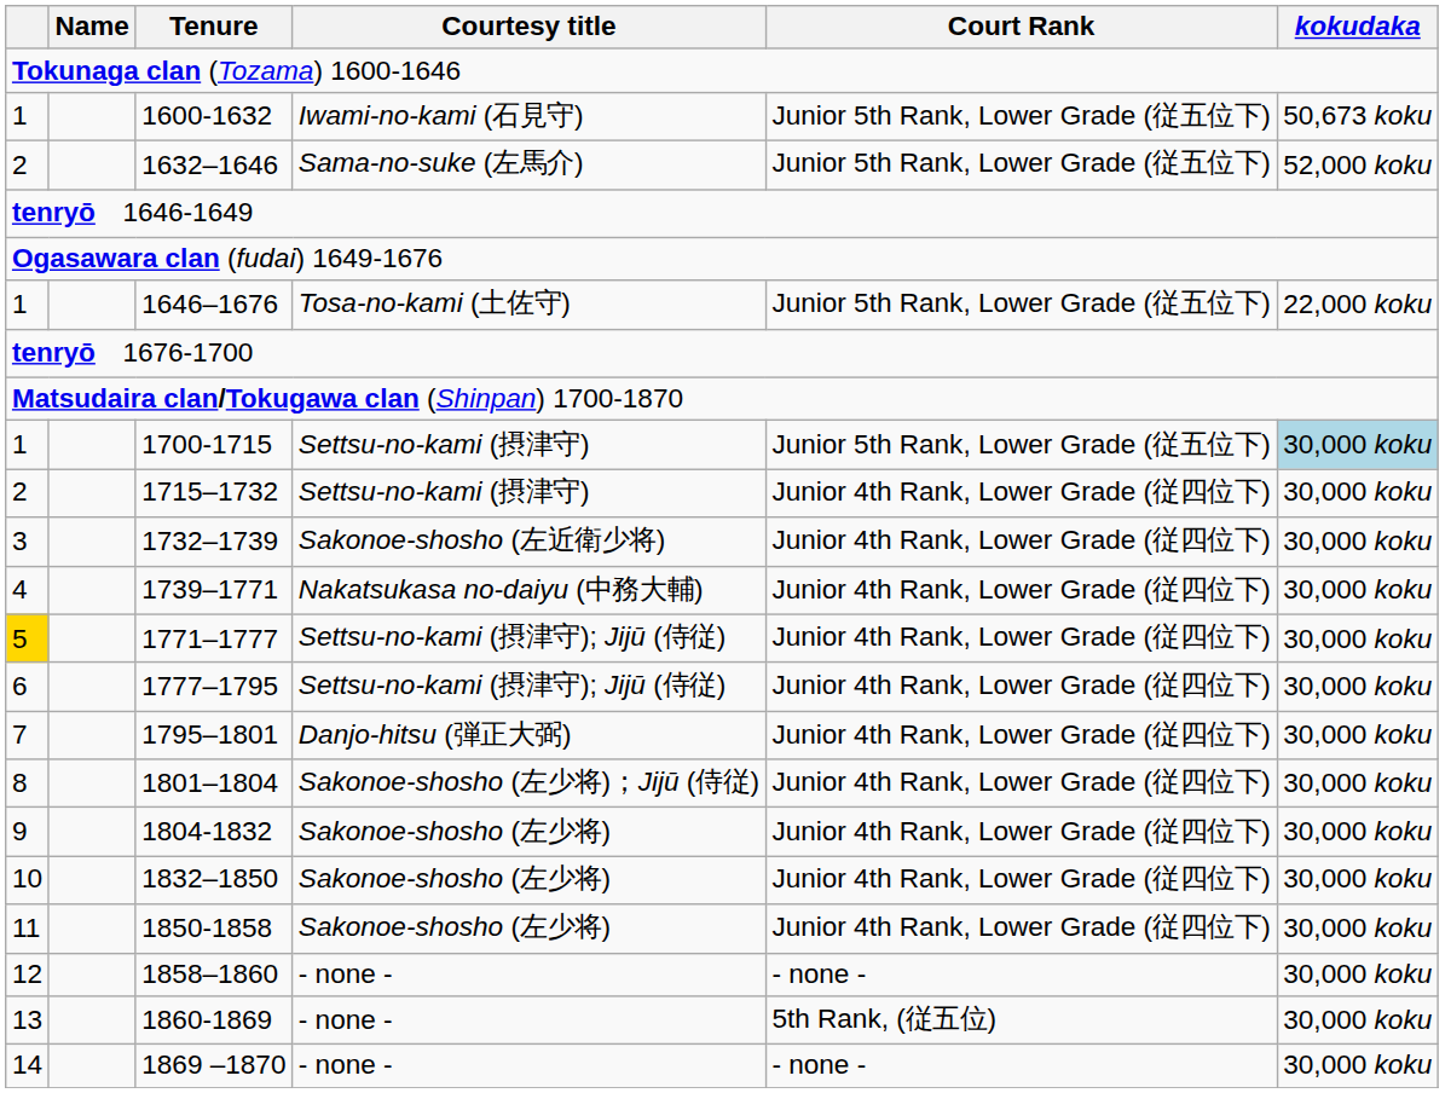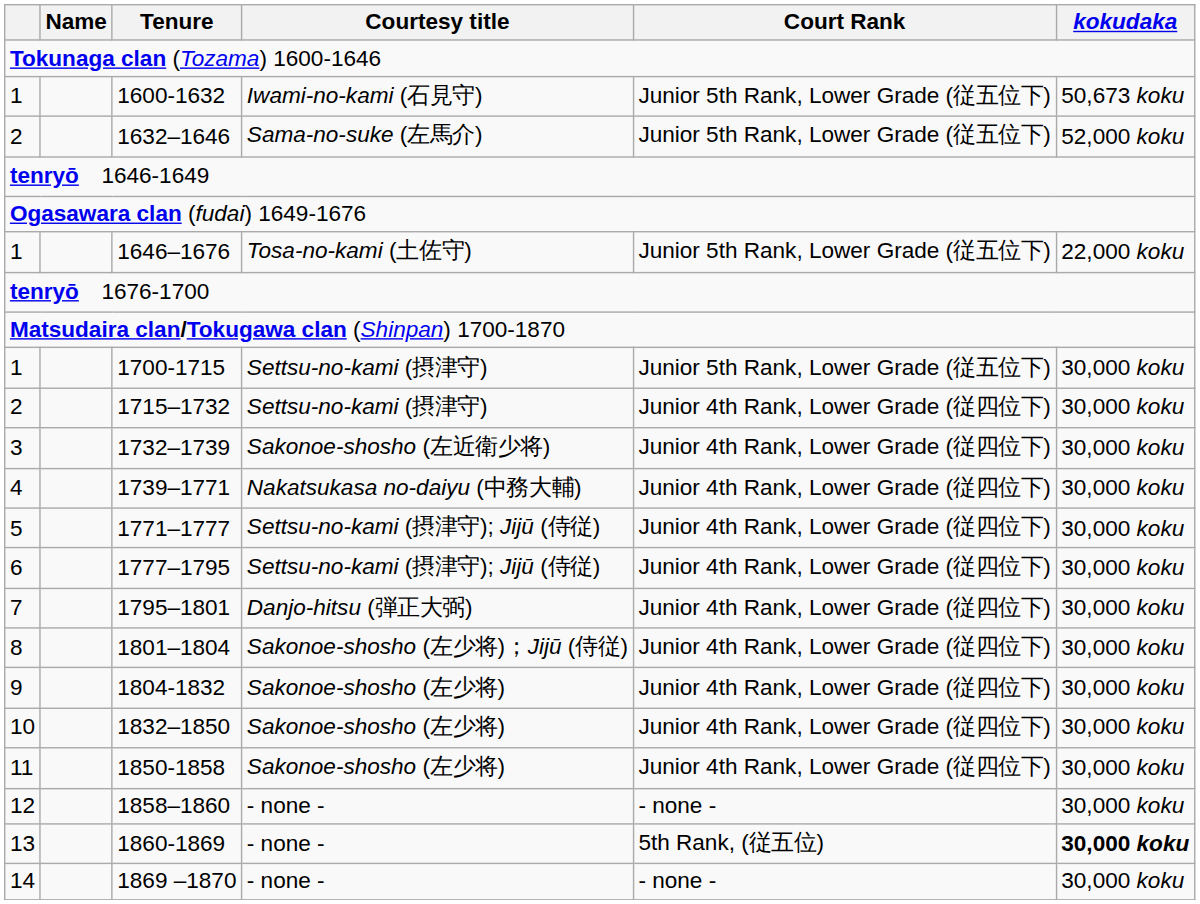 <table class=wikitable>
 <tr>
 <th></th>
 <th>Name</th>
 <th>Tenure</th>
 <th>Courtesy title</th>
 <th>Court Rank</th>
 <th><em><a href='#'>kokudaka</a></em></th>
 </tr>
 <tr>
 <td colspan=7> <strong><a href='#'>Tokunaga clan</a></strong> (<em><a href='#'>Tozama</a></em>) 1600-1646</td>
 </tr>
 <tr>
 <td>1</td>
 <td></td>
 <td>1600-1632</td>
 <td><em>Iwami-no-kami</em> (石見守)</td>
 <td>Junior 5th Rank, Lower Grade (従五位下)</td>
 <td>50,673 <em>koku</em></td>
 </tr>
 <tr>
 <td>2</td>
 <td></td>
 <td>1632–1646</td>
 <td><em>Sama-no-suke</em> (左馬介)</td>
 <td>Junior 5th Rank, Lower Grade (従五位下)</td>
 <td>52,000 <em>koku</em></td>
 </tr>
 <tr>
 <td colspan=6> <strong><a href='#'>tenryō</a></strong>　1646-1649</td>
 </tr>
 <tr>
 <td colspan=7> <strong><a href='#'>Ogasawara clan</a></strong> (<em>fudai</em>) 1649-1676</td>
 </tr>
 <tr>
 <td>1</td>
 <td></td>
 <td>1646–1676</td>
 <td><em>Tosa-no-kami</em> (土佐守)</td>
 <td>Junior 5th Rank, Lower Grade (従五位下)</td>
 <td>22,000 <em>koku</em></td>
 </tr>
 <tr>
 <td colspan=6> <strong><a href='#'>tenryō</a></strong>　1676-1700</td>
 </tr>
 <tr>
 <td colspan=7><strong><a href='#'>Matsudaira clan</a>/<a href='#'>Tokugawa clan</a></strong> (<em><a href='#'>Shinpan</a></em>) 1700-1870</td>
 </tr>
 <tr>
 <td>1</td>
 <td></td>
 <td>1700-1715</td>
 <td><em>Settsu-no-kami</em> (摂津守)</td>
 <td>Junior 5th Rank, Lower Grade (従五位下)</td>
-<td style="background: lightblue;">30,000 <em>koku</em></td>
+<td>30,000 <em>koku</em></td>
 </tr>
 <tr>
 <td>2</td>
 <td></td>
 <td>1715–1732</td>
 <td><em>Settsu-no-kami</em> (摂津守)</td>
 <td>Junior 4th Rank, Lower Grade (従四位下)</td>
 <td>30,000 <em>koku</em></td>
 </tr>
 <tr>
 <td>3</td>
 <td></td>
 <td>1732–1739</td>
 <td><em>Sakonoe-shosho</em> (左近衛少将)</td>
 <td>Junior 4th Rank, Lower Grade (従四位下)</td>
 <td>30,000 <em>koku</em></td>
 </tr>
 <tr>
 <td>4</td>
 <td></td>
 <td>1739–1771</td>
 <td><em>Nakatsukasa no-daiyu</em> (中務大輔)</td>
 <td>Junior 4th Rank, Lower Grade (従四位下)</td>
 <td>30,000 <em>koku</em></td>
 </tr>
 <tr>
-<td style="background: gold;">5</td>
+<td>5</td>
 <td></td>
 <td>1771–1777</td>
 <td><em>Settsu-no-kami</em> (摂津守); <em>Jijū</em> (侍従)</td>
 <td>Junior 4th Rank, Lower Grade (従四位下)</td>
 <td>30,000 <em>koku</em></td>
 </tr>
 <tr>
 <td>6</td>
 <td></td>
 <td>1777–1795</td>
 <td><em>Settsu-no-kami</em> (摂津守); <em>Jijū</em> (侍従)</td>
 <td>Junior 4th Rank, Lower Grade (従四位下)</td>
 <td>30,000 <em>koku</em></td>
 </tr>
 <tr>
 <td>7</td>
 <td></td>
 <td>1795–1801</td>
 <td><em>Danjo-hitsu</em> (弾正大弼)</td>
 <td>Junior 4th Rank, Lower Grade (従四位下)</td>
 <td>30,000 <em>koku</em></td>
 </tr>
 <tr>
 <td>8</td>
 <td></td>
 <td>1801–1804</td>
 <td><em>Sakonoe-shosho</em> (左少将)；<em>Jijū</em> (侍従)</td>
 <td>Junior 4th Rank, Lower Grade (従四位下)</td>
 <td>30,000 <em>koku</em></td>
 </tr>
 <tr>
 <td>9</td>
 <td></td>
 <td>1804-1832</td>
 <td><em>Sakonoe-shosho</em> (左少将)</td>
 <td>Junior 4th Rank, Lower Grade (従四位下)</td>
 <td>30,000 <em>koku</em></td>
 </tr>
 <tr>
 <td>10</td>
 <td></td>
 <td>1832–1850</td>
 <td><em>Sakonoe-shosho</em> (左少将)</td>
 <td>Junior 4th Rank, Lower Grade (従四位下)</td>
 <td>30,000 <em>koku</em></td>
 </tr>
 <tr>
 <td>11</td>
 <td></td>
 <td>1850-1858</td>
 <td><em>Sakonoe-shosho</em> (左少将)</td>
 <td>Junior 4th Rank, Lower Grade (従四位下)</td>
 <td>30,000 <em>koku</em></td>
 </tr>
 <tr>
 <td>12</td>
 <td></td>
 <td>1858–1860</td>
 <td>- none -</td>
 <td>- none -</td>
 <td>30,000 <em>koku</em></td>
 </tr>
 <tr>
 <td>13</td>
 <td></td>
 <td>1860-1869</td>
 <td>- none -</td>
 <td>5th Rank, (従五位)</td>
-<td>30,000 <em>koku</em></td>
+<td><strong>30,000 <em>koku</em></strong></td>
 </tr>
 <tr>
 <td>14</td>
 <td></td>
 <td>1869 –1870</td>
 <td>- none -</td>
 <td>- none -</td>
 <td>30,000 <em>koku</em></td>
 </tr>
 <tr>
 </tr>
 </table>
